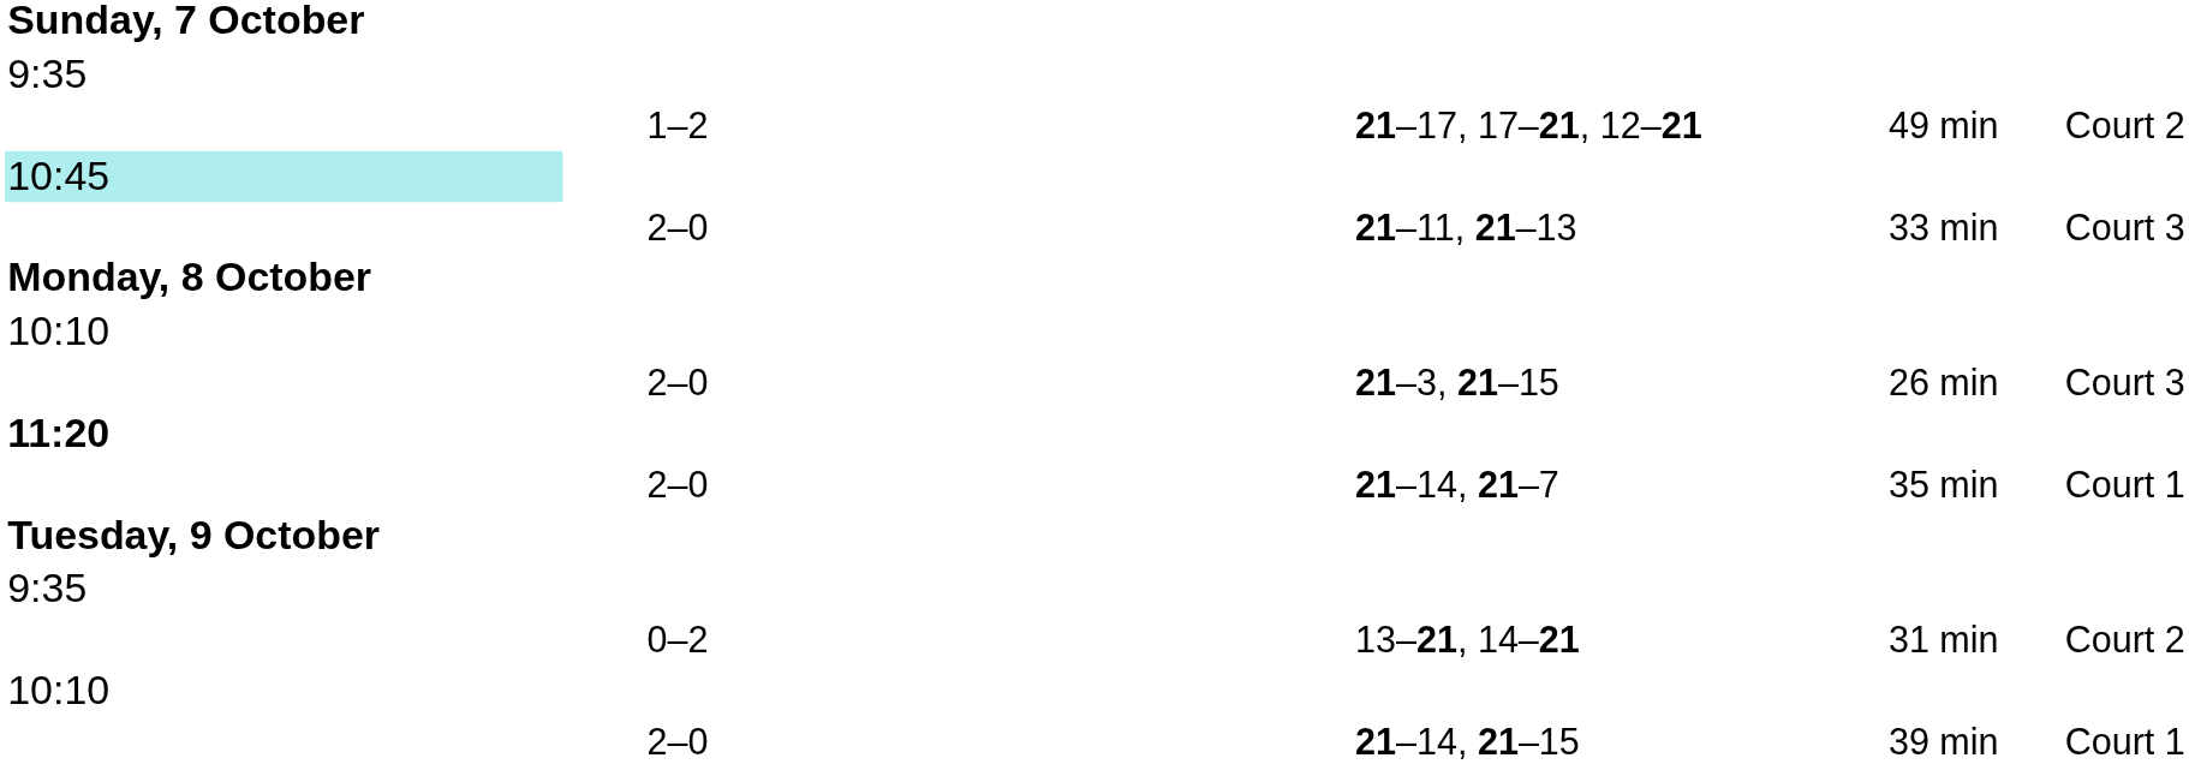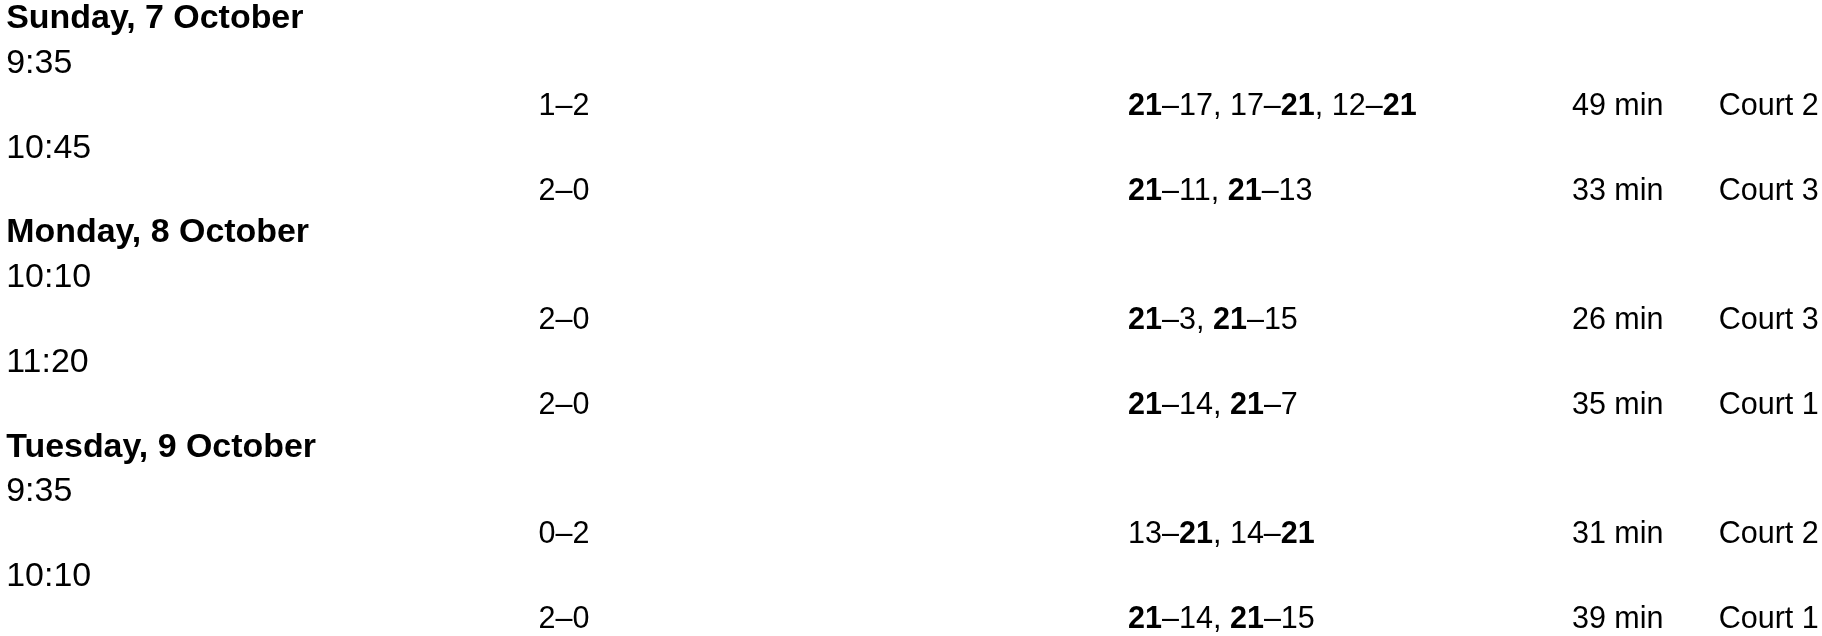 <table style="width:100%;" cellspacing="1">
 <tr>
 <th width=25%></th>
 <th width=10%></th>
 <th width=25%></th>
 </tr>
 <tr>
 <td><strong>Sunday, 7 October</strong></td>
 </tr>
 <tr>
 <td>9:35</td>
 </tr>
 <tr style=font-size:90%>
 <td align=right></td>
 <td align=center>1–2</td>
 <td><strong></strong></td>
 <td><strong>21</strong>–17, 17–<strong>21</strong>, 12–<strong>21</strong></td>
 <td>49 min</td>
 <td>Court 2</td>
 </tr>
 <tr>
-<td style="background: paleturquoise;">10:45</td>
+<td>10:45</td>
 </tr>
 <tr style=font-size:90%>
 <td align=right><strong></strong></td>
 <td align=center>2–0</td>
 <td></td>
 <td><strong>21</strong>–11, <strong>21</strong>–13</td>
 <td>33 min</td>
 <td>Court 3</td>
 </tr>
 <tr>
 <td><strong>Monday, 8 October</strong></td>
 </tr>
 <tr>
 <td>10:10</td>
 </tr>
 <tr style=font-size:90%>
 <td align=right><strong></strong></td>
 <td align=center>2–0</td>
 <td></td>
 <td><strong>21</strong>–3, <strong>21</strong>–15</td>
 <td>26 min</td>
 <td>Court 3</td>
 </tr>
 <tr>
-<td><strong>11:20</strong></td>
+<td>11:20</td>
 </tr>
 <tr style=font-size:90%>
 <td align=right><strong></strong></td>
 <td align=center>2–0</td>
 <td></td>
 <td><strong>21</strong>–14, <strong>21</strong>–7</td>
 <td>35 min</td>
 <td>Court 1</td>
 </tr>
 <tr>
 <td><strong>Tuesday, 9 October</strong></td>
 </tr>
 <tr>
 <td>9:35</td>
 </tr>
 <tr style=font-size:90%>
 <td align=right></td>
 <td align=center>0–2</td>
 <td><strong></strong></td>
 <td>13–<strong>21</strong>, 14–<strong>21</strong></td>
 <td>31 min</td>
 <td>Court 2</td>
 </tr>
 <tr>
 <td>10:10</td>
 </tr>
 <tr style=font-size:90%>
 <td align=right><strong></strong></td>
 <td align=center>2–0</td>
 <td></td>
 <td><strong>21</strong>–14, <strong>21</strong>–15</td>
 <td>39 min</td>
 <td>Court 1</td>
 </tr>
 </table>
